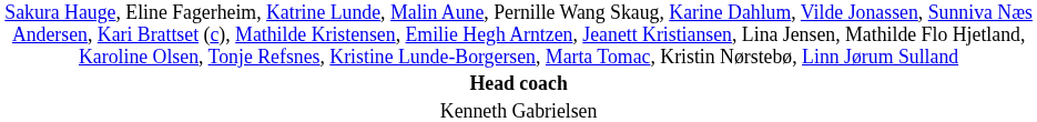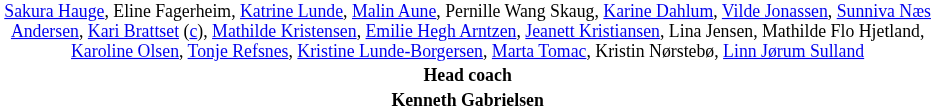 <table style="text-align: center; margin-top: 2em; margin-left: auto; margin-right: auto">
 <tr>
 <td><a href='#'>Sakura Hauge</a>, Eline Fagerheim, <a href='#'>Katrine Lunde</a>, <a href='#'>Malin Aune</a>, Pernille Wang Skaug, <a href='#'>Karine Dahlum</a>, <a href='#'>Vilde Jonassen</a>, <a href='#'>Sunniva Næs Andersen</a>, <a href='#'>Kari Brattset</a> (<a href='#'>c</a>), <a href='#'>Mathilde Kristensen</a>, <a href='#'>Emilie Hegh Arntzen</a>, <a href='#'>Jeanett Kristiansen</a>, Lina Jensen, Mathilde Flo Hjetland, <a href='#'>Karoline Olsen</a>, <a href='#'>Tonje Refsnes</a>, <a href='#'>Kristine Lunde-Borgersen</a>, <a href='#'>Marta Tomac</a>, Kristin Nørstebø, <a href='#'>Linn Jørum Sulland</a></td>
 </tr>
 <tr>
 <td><strong>Head coach</strong></td>
 </tr>
 <tr>
-<td>Kenneth Gabrielsen</td>
+<td><strong>Kenneth Gabrielsen</strong></td>
 </tr>
 </table>
